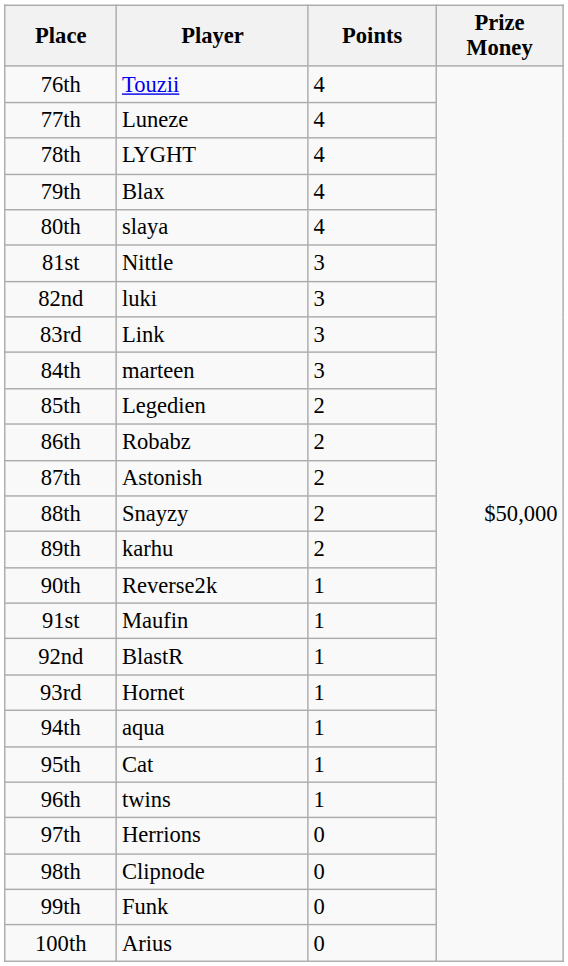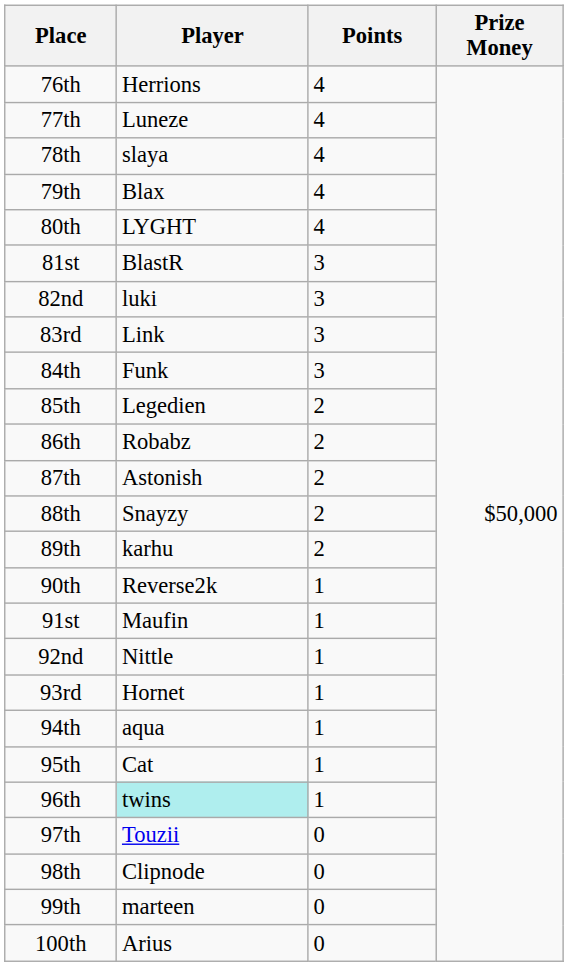 <table class="wikitable" style="display: inline-table;width: 20%; margin-left: 5px;text-align:left">
 <tr>
 <th>Place</th>
 <th>Player</th>
 <th>Points</th>
 <th style="width: 82.5px;">Prize Money</th>
 </tr>
 <tr>
 <td style="text-align:center">76th</td>
-<td><a href='#'>Touzii</a></td>
+<td>Herrions</td>
 <td>4</td>
 <td style="text-align:right" rowspan="25">$50,000</td>
 </tr>
 <tr>
 <td style="text-align:center">77th</td>
 <td>Luneze</td>
 <td>4</td>
 </tr>
 <tr>
 <td style="text-align:center">78th</td>
-<td>LYGHT</td>
+<td>slaya</td>
 <td>4</td>
 </tr>
 <tr>
 <td style="text-align:center">79th</td>
 <td>Blax</td>
 <td>4</td>
 </tr>
 <tr>
 <td style="text-align:center">80th</td>
-<td>slaya</td>
+<td>LYGHT</td>
 <td>4</td>
 </tr>
 <tr>
 <td style="text-align:center">81st</td>
-<td>Nittle</td>
+<td>BlastR</td>
 <td>3</td>
 </tr>
 <tr>
 <td style="text-align:center">82nd</td>
 <td>luki</td>
 <td>3</td>
 </tr>
 <tr>
 <td style="text-align:center">83rd</td>
 <td>Link</td>
 <td>3</td>
 </tr>
 <tr>
 <td style="text-align:center">84th</td>
-<td>marteen</td>
+<td FunkBomb>Funk</td>
 <td>3</td>
 </tr>
 <tr>
 <td style="text-align:center">85th</td>
 <td>Legedien</td>
 <td>2</td>
 </tr>
 <tr>
 <td style="text-align:center">86th</td>
 <td>Robabz</td>
 <td>2</td>
 </tr>
 <tr>
 <td style="text-align:center">87th</td>
 <td>Astonish</td>
 <td>2</td>
 </tr>
 <tr>
 <td style="text-align:center">88th</td>
 <td>Snayzy</td>
 <td>2</td>
 </tr>
 <tr>
 <td style="text-align:center">89th</td>
 <td>karhu</td>
 <td>2</td>
 </tr>
 <tr>
 <td style="text-align:center">90th</td>
 <td>Reverse2k</td>
 <td>1</td>
 </tr>
 <tr>
 <td style="text-align:center">91st</td>
 <td>Maufin</td>
 <td>1</td>
 </tr>
 <tr>
 <td style="text-align:center">92nd</td>
-<td>BlastR</td>
+<td>Nittle</td>
 <td>1</td>
 </tr>
 <tr>
 <td style="text-align:center">93rd</td>
 <td>Hornet</td>
 <td>1</td>
 </tr>
 <tr>
 <td style="text-align:center">94th</td>
 <td>aqua</td>
 <td>1</td>
 </tr>
 <tr>
 <td style="text-align:center">95th</td>
 <td>Cat</td>
 <td>1</td>
 </tr>
 <tr>
 <td style="text-align:center">96th</td>
-<td>twins</td>
+<td style="background: paleturquoise;">twins</td>
 <td>1</td>
 </tr>
 <tr>
 <td style="text-align:center">97th</td>
-<td>Herrions</td>
+<td><a href='#'>Touzii</a></td>
 <td>0</td>
 </tr>
 <tr>
 <td style="text-align:center">98th</td>
 <td>Clipnode</td>
 <td>0</td>
 </tr>
 <tr>
 <td style="text-align:center">99th</td>
-<td FunkBomb>Funk</td>
+<td>marteen</td>
 <td>0</td>
 </tr>
 <tr>
 <td style="text-align:center">100th</td>
 <td>Arius</td>
 <td>0</td>
 </tr>
 </table>
